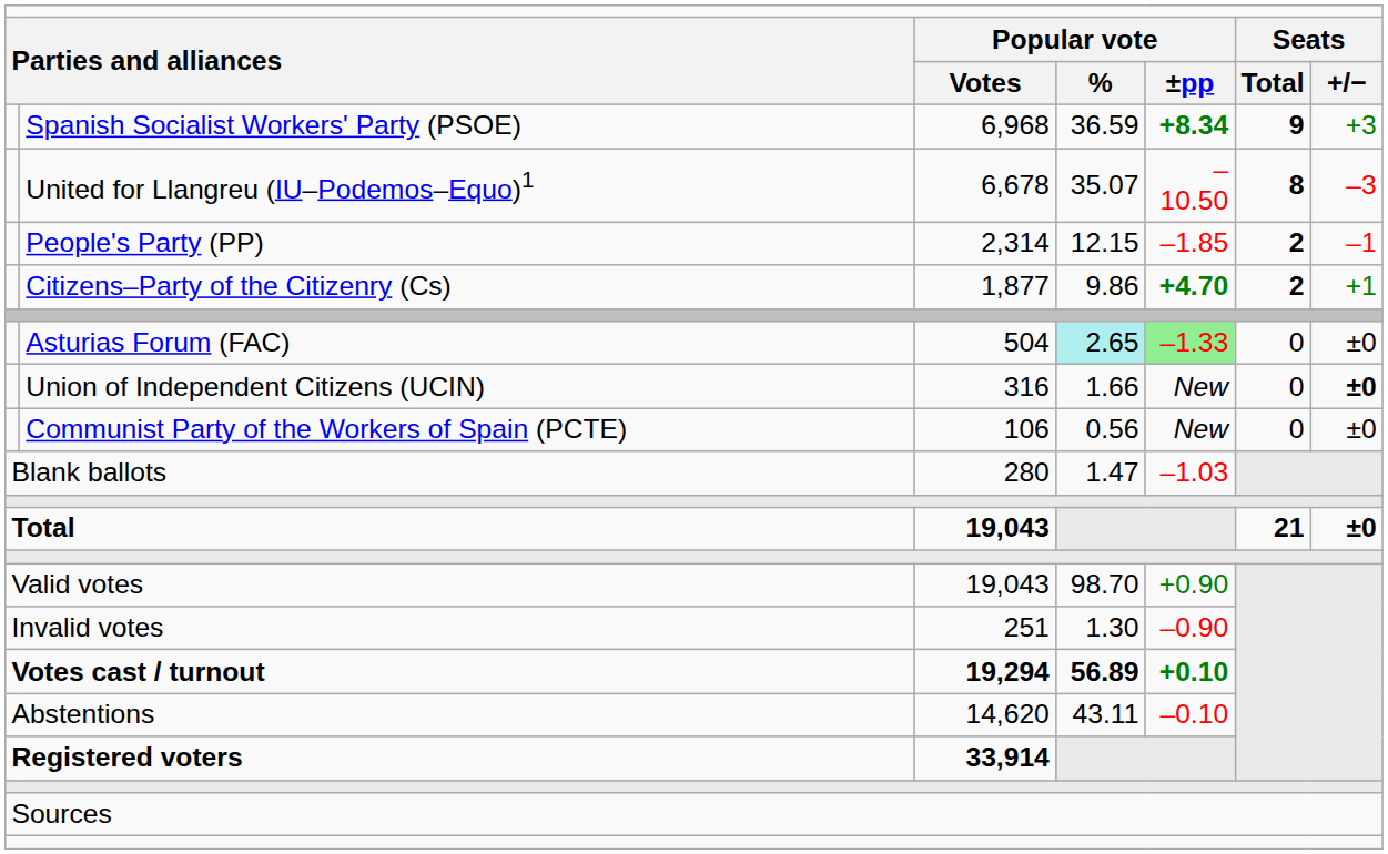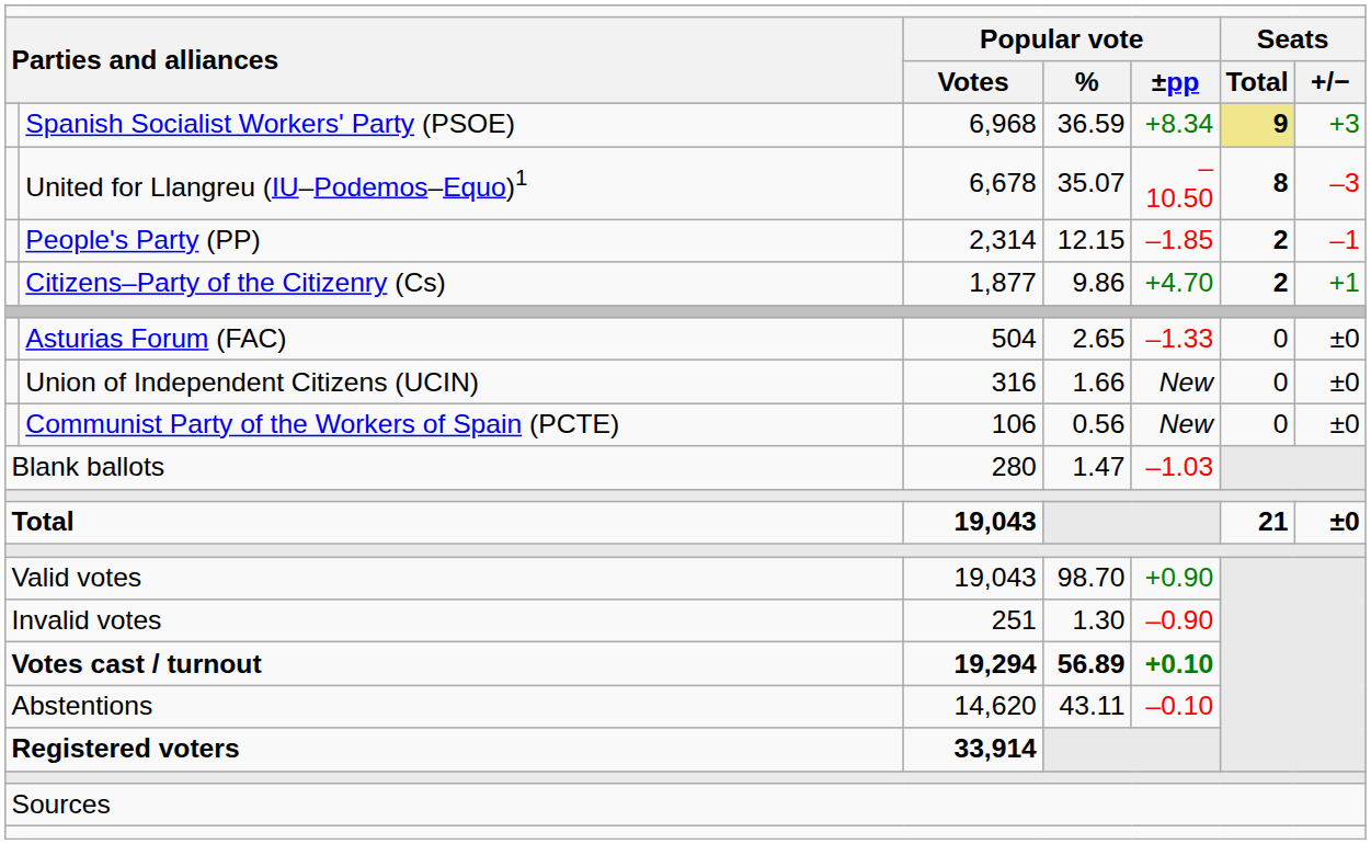 <table class="wikitable" style="text-align:right;">
 <tr>
 <td colspan="7"></td>
 </tr>
 <tr>
 <th style="text-align:left;" rowspan="2" colspan="2" width="525">Parties and alliances</th>
 <th colspan="3">Popular vote</th>
 <th colspan="2">Seats</th>
 </tr>
 <tr>
 <th width="75">Votes</th>
 <th width="45">%</th>
 <th width="45">±<a href='#'>pp</a></th>
 <th width="35">Total</th>
 <th width="35">+/−</th>
 </tr>
 <tr>
 <td width="1" style="color:inherit;background:"></td>
 <td align="left"><a href='#'>Spanish Socialist Workers' Party</a> (PSOE)</td>
 <td>6,968</td>
 <td>36.59</td>
-<td style="color:green;"><strong>+8.34</strong></td>
-<td><strong>9</strong></td>
+<td style="color:green;">+8.34</td>
+<td style="background: khaki;"><strong>9</strong></td>
 <td style="color:green;">+3</td>
 </tr>
 <tr>
 <td style="color:inherit;background:"></td>
 <td align="left">United for Llangreu (<a href='#'>IU</a>–<a href='#'>Podemos</a>–<a href='#'>Equo</a>)<sup>1</sup></td>
 <td>6,678</td>
 <td>35.07</td>
 <td style="color:red;">–10.50</td>
 <td><strong>8</strong></td>
 <td style="color:red;">–3</td>
 </tr>
 <tr>
 <td style="color:inherit;background:"></td>
 <td align="left"><a href='#'>People's Party</a> (PP)</td>
 <td>2,314</td>
 <td>12.15</td>
 <td style="color:red;">–1.85</td>
 <td><strong>2</strong></td>
 <td style="color:red;">–1</td>
 </tr>
 <tr>
 <td style="color:inherit;background:"></td>
 <td align="left"><a href='#'>Citizens–Party of the Citizenry</a> (Cs)</td>
 <td>1,877</td>
 <td>9.86</td>
-<td style="color:green;"><strong>+4.70</strong></td>
+<td style="color:green;">+4.70</td>
 <td><strong>2</strong></td>
 <td style="color:green;">+1</td>
 </tr>
 <tr>
 <td colspan="7" style="color:inherit;background:#C0C0C0"></td>
 </tr>
 <tr>
 <td style="color:inherit;background:"></td>
 <td align="left"><a href='#'>Asturias Forum</a> (FAC)</td>
 <td>504</td>
-<td style="background: paleturquoise;">2.65</td>
-<td style="background: lightgreen; color:red;">–1.33</td>
+<td>2.65</td>
+<td style="color:red;">–1.33</td>
 <td>0</td>
 <td>±0</td>
 </tr>
 <tr>
 <td style="color:inherit;background:"></td>
 <td align="left">Union of Independent Citizens (UCIN)</td>
 <td>316</td>
 <td>1.66</td>
 <td><em>New</em></td>
 <td>0</td>
-<td><strong>±0</strong></td>
+<td>±0</td>
 </tr>
 <tr>
 <td style="color:inherit;background:"></td>
 <td align="left"><a href='#'>Communist Party of the Workers of Spain</a> (PCTE)</td>
 <td>106</td>
 <td>0.56</td>
 <td><em>New</em></td>
 <td>0</td>
 <td>±0</td>
 </tr>
 <tr>
 <td align="left" colspan="2">Blank ballots</td>
 <td>280</td>
 <td>1.47</td>
 <td style="color:red;">–1.03</td>
 <td style="color:inherit;background:#E9E9E9" colspan="2"></td>
 </tr>
 <tr>
 <td colspan="7" style="color:inherit;background:#E9E9E9"></td>
 </tr>
 <tr style="font-weight:bold;">
 <td align="left" colspan="2">Total</td>
 <td>19,043</td>
 <td bgcolor="#E9E9E9" colspan="2"></td>
 <td>21</td>
 <td>±0</td>
 </tr>
 <tr>
 <td colspan="7" style="color:inherit;background:#E9E9E9"></td>
 </tr>
 <tr>
 <td align="left" colspan="2">Valid votes</td>
 <td>19,043</td>
 <td>98.70</td>
 <td style="color:green;">+0.90</td>
 <td bgcolor="#E9E9E9" colspan="2" rowspan="5"></td>
 </tr>
 <tr>
 <td align="left" colspan="2">Invalid votes</td>
 <td>251</td>
 <td>1.30</td>
 <td style="color:red;">–0.90</td>
 </tr>
 <tr style="font-weight:bold;">
 <td align="left" colspan="2">Votes cast / turnout</td>
 <td>19,294</td>
 <td>56.89</td>
 <td style="color:green;">+0.10</td>
 </tr>
 <tr>
 <td align="left" colspan="2">Abstentions</td>
 <td>14,620</td>
 <td>43.11</td>
 <td style="color:red;">–0.10</td>
 </tr>
 <tr style="font-weight:bold;">
 <td align="left" colspan="2">Registered voters</td>
 <td>33,914</td>
 <td bgcolor="#E9E9E9" colspan="2"></td>
 </tr>
 <tr>
 <td colspan="7" style="color:inherit;background:#E9E9E9"></td>
 </tr>
 <tr>
 <td align="left" colspan="7">Sources</td>
 </tr>
 <tr>
 <td colspan="7" style="text-align:left; max-width:790px;"></td>
 </tr>
 </table>
